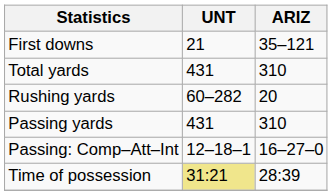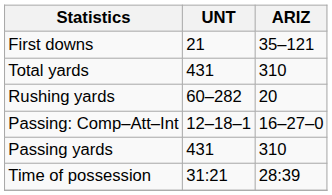 <table class="wikitable" style="float: left;">
 <tr>
 <th>Statistics</th>
 <th>UNT</th>
 <th>ARIZ</th>
 </tr>
 <tr>
 <td>First downs</td>
 <td>21</td>
 <td>35–121</td>
 </tr>
 <tr>
 <td>Total yards</td>
 <td>431</td>
 <td>310</td>
 </tr>
 <tr>
 <td>Rushing yards</td>
 <td>60–282</td>
 <td>20</td>
 </tr>
 <tr>
+<td>Passing: Comp–Att–Int</td>
+<td>12–18–1</td>
+<td>16–27–0</td>
+</tr>
+<tr>
 <td>Passing yards</td>
 <td>431</td>
 <td>310</td>
 </tr>
 <tr>
-<td>Passing: Comp–Att–Int</td>
-<td>12–18–1</td>
-<td>16–27–0</td>
-</tr>
-<tr>
 <td>Time of possession</td>
-<td style="background: khaki;">31:21</td>
+<td>31:21</td>
 <td>28:39</td>
 </tr>
 <tr>
 </tr>
 </table>
